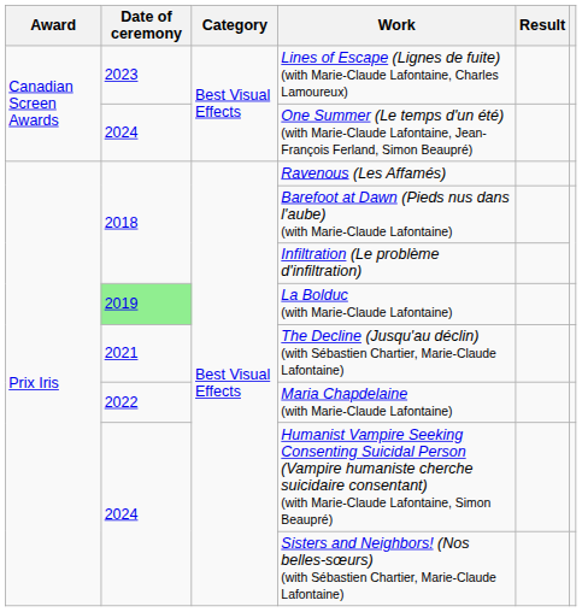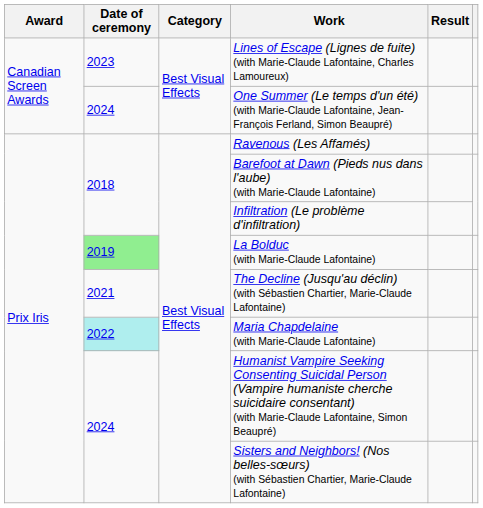 <table class="wikitable plainrowheaders sortable">
 <tr>
 <th scope="col">Award</th>
 <th scope="col">Date of ceremony</th>
 <th scope="col">Category</th>
 <th scope="col">Work</th>
 <th scope="col">Result</th>
 <th scope="col" class="unsortable"></th>
 </tr>
 <tr>
 <td rowspan=2><a href='#'>Canadian Screen Awards</a></td>
 <td><a href='#'>2023</a></td>
 <td rowspan=2><a href='#'>Best Visual Effects</a></td>
 <td><em><a href='#'>Lines of Escape</a> (Lignes de fuite)</em><br><small>(with Marie-Claude Lafontaine, Charles Lamoureux)</small></td>
 <td></td>
 <td></td>
 </tr>
 <tr>
 <td><a href='#'>2024</a></td>
 <td><em><a href='#'>One Summer</a> (Le temps d'un été)</em><br><small>(with Marie-Claude Lafontaine, Jean-François Ferland, Simon Beaupré)</small></td>
 <td></td>
 <td></td>
 </tr>
 <tr>
 <td rowspan=8><a href='#'>Prix Iris</a></td>
 <td rowspan=3><a href='#'>2018</a></td>
 <td rowspan=8><a href='#'>Best Visual Effects</a></td>
 <td><em><a href='#'>Ravenous</a> (Les Affamés)</em></td>
 <td></td>
 <td></td>
 </tr>
 <tr>
 <td><em><a href='#'>Barefoot at Dawn</a> (Pieds nus dans l'aube)</em><br><small>(with Marie-Claude Lafontaine)</small></td>
 <td></td>
 <td rowspan=2></td>
 </tr>
 <tr>
 <td><em><a href='#'>Infiltration</a> (Le problème d'infiltration)</em></td>
 <td></td>
 </tr>
 <tr>
 <td style="background: lightgreen;"><a href='#'>2019</a></td>
 <td><em><a href='#'>La Bolduc</a></em><br><small>(with Marie-Claude Lafontaine)</small></td>
 <td></td>
 <td></td>
 </tr>
 <tr>
 <td><a href='#'>2021</a></td>
 <td><em><a href='#'>The Decline</a> (Jusqu'au déclin)</em><br><small>(with Sébastien Chartier, Marie-Claude Lafontaine)</small></td>
 <td></td>
 <td></td>
 </tr>
 <tr>
-<td><a href='#'>2022</a></td>
+<td style="background: paleturquoise;"><a href='#'>2022</a></td>
 <td><em><a href='#'>Maria Chapdelaine</a></em><br><small>(with Marie-Claude Lafontaine)</small></td>
 <td></td>
 <td></td>
 </tr>
 <tr>
 <td rowspan=2><a href='#'>2024</a></td>
 <td><em><a href='#'>Humanist Vampire Seeking Consenting Suicidal Person</a> (Vampire humaniste cherche suicidaire consentant)</em><br><small>(with Marie-Claude Lafontaine, Simon Beaupré)</small></td>
 <td></td>
 <td></td>
 </tr>
 <tr>
 <td><em><a href='#'>Sisters and Neighbors!</a> (Nos belles-sœurs)</em><br><small>(with Sébastien Chartier, Marie-Claude Lafontaine)</small></td>
 <td></td>
 <td></td>
 </tr>
 </table>
